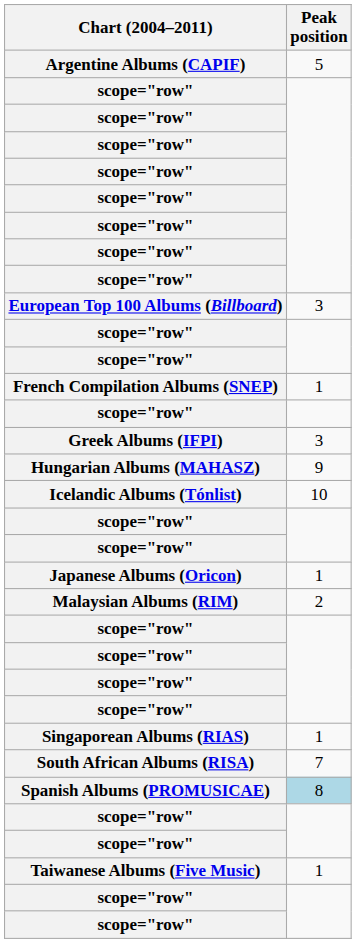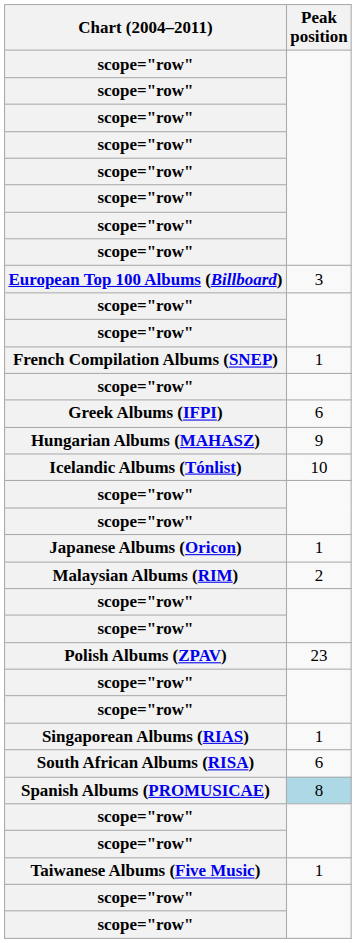 <table class="wikitable sortable plainrowheaders" style="text-align:center">
 <tr>
 <th scope="col">Chart (2004–2011)</th>
 <th scope="col">Peak<br>position</th>
-</tr>
-<tr>
-<th scope="row">Argentine Albums (<a href='#'>CAPIF</a>)</th>
-<td>5</td>
 </tr>
 <tr>
 <th>scope="row" </th>
 </tr>
 <tr>
 <th>scope="row" </th>
 </tr>
 <tr>
 <th>scope="row"</th>
 </tr>
 <tr>
 <th>scope="row"</th>
 </tr>
 <tr>
 <th>scope="row"</th>
 </tr>
 <tr>
 <th>scope="row"</th>
 </tr>
 <tr>
 <th>scope="row"</th>
 </tr>
 <tr>
 <th>scope="row"</th>
 </tr>
 <tr>
 <th scope="row"><a href='#'>European Top 100 Albums</a> (<em><a href='#'>Billboard</a></em>)</th>
 <td>3</td>
 </tr>
 <tr>
 <th>scope="row"</th>
 </tr>
 <tr>
 <th>scope="row"</th>
 </tr>
 <tr>
 <th scope="row">French Compilation Albums (<a href='#'>SNEP</a>)</th>
 <td>1</td>
 </tr>
 <tr>
 <th>scope="row"</th>
 </tr>
 <tr>
 <th scope="row">Greek Albums (<a href='#'>IFPI</a>)</th>
-<td>3</td>
+<td>6</td>
 </tr>
 <tr>
 <th scope="row">Hungarian Albums (<a href='#'>MAHASZ</a>)</th>
 <td>9</td>
 </tr>
 <tr>
 <th scope="row">Icelandic Albums (<a href='#'>Tónlist</a>)</th>
 <td>10</td>
 </tr>
 <tr>
 <th>scope="row"</th>
 </tr>
 <tr>
 <th>scope="row"</th>
 </tr>
 <tr>
 <th scope="row">Japanese Albums (<a href='#'>Oricon</a>)</th>
 <td>1</td>
 </tr>
 <tr>
 <th scope="row">Malaysian Albums (<a href='#'>RIM</a>)</th>
 <td>2</td>
 </tr>
 <tr>
 <th>scope="row"</th>
 </tr>
 <tr>
 <th>scope="row"</th>
 </tr>
 <tr>
+<th scope="row">Polish Albums (<a href='#'>ZPAV</a>)</th>
+<td>23</td>
+</tr>
+<tr>
 <th>scope="row"</th>
 </tr>
 <tr>
 <th>scope="row"</th>
 </tr>
 <tr>
 <th scope="row">Singaporean Albums (<a href='#'>RIAS</a>)</th>
 <td>1</td>
 </tr>
 <tr>
 <th scope="row">South African Albums (<a href='#'>RISA</a>)</th>
-<td>7</td>
+<td>6</td>
 </tr>
 <tr>
 <th scope="row">Spanish Albums (<a href='#'>PROMUSICAE</a>)</th>
 <td style="background: lightblue;">8</td>
 </tr>
 <tr>
 <th>scope="row"</th>
 </tr>
 <tr>
 <th>scope="row" </th>
 </tr>
 <tr>
 <th scope="row">Taiwanese Albums (<a href='#'>Five Music</a>)</th>
 <td>1</td>
 </tr>
 <tr>
 <th>scope="row"</th>
 </tr>
 <tr>
 <th>scope="row"</th>
 </tr>
 </table>
